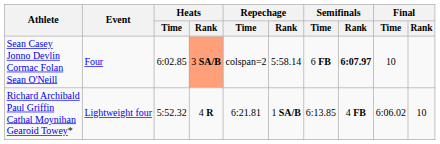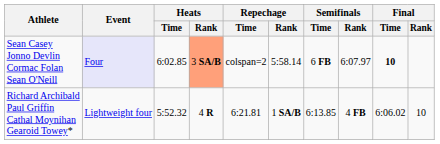 <table class="wikitable" style="font-size:90%">
 <tr>
 <th rowspan="2">Athlete</th>
 <th rowspan="2">Event</th>
 <th colspan="2">Heats</th>
 <th colspan="2">Repechage</th>
 <th colspan="2">Semifinals</th>
 <th colspan="2">Final</th>
 </tr>
 <tr style="font-size:95%">
 <th>Time</th>
 <th>Rank</th>
 <th>Time</th>
 <th>Rank</th>
 <th>Time</th>
 <th>Rank</th>
 <th>Time</th>
 <th>Rank</th>
 </tr>
 <tr align=center>
 <td align=left><a href='#'>Sean Casey</a><br><a href='#'>Jonno Devlin</a> <br><a href='#'>Cormac Folan</a><br><a href='#'>Sean O'Neill</a></td>
-<td align=left><a href='#'>Four</a></td>
+<td align=left style="background: lavender;"><a href='#'>Four</a></td>
 <td>6:02.85</td>
 <td style="background: lightsalmon;">3 <strong>SA/B</strong></td>
 <td>colspan=2 </td>
 <td>5:58.14</td>
 <td>6 <strong>FB</strong></td>
-<td><strong>6:07.97</strong></td>
-<td>10</td>
+<td>6:07.97</td>
+<td><strong>10</strong></td>
 </tr>
 <tr align=center>
 <td align=left><a href='#'>Richard Archibald</a><br><a href='#'>Paul Griffin</a><br><a href='#'>Cathal Moynihan</a><br><a href='#'>Gearoid Towey</a>*</td>
 <td align=left><a href='#'>Lightweight four</a></td>
 <td>5:52.32</td>
 <td>4 <strong>R</strong></td>
 <td>6:21.81</td>
 <td>1 <strong>SA/B</strong></td>
 <td>6:13.85</td>
 <td>4 <strong>FB</strong></td>
 <td>6:06.02</td>
 <td>10</td>
 </tr>
 </table>
